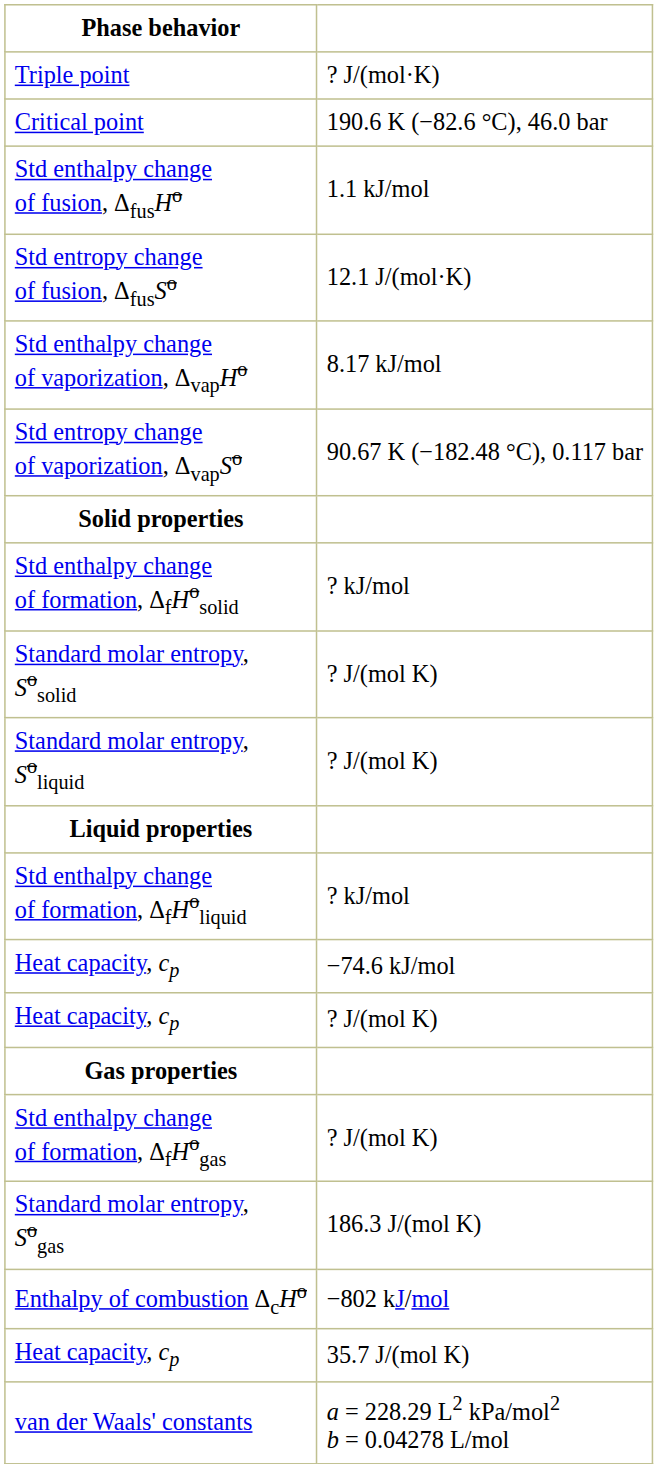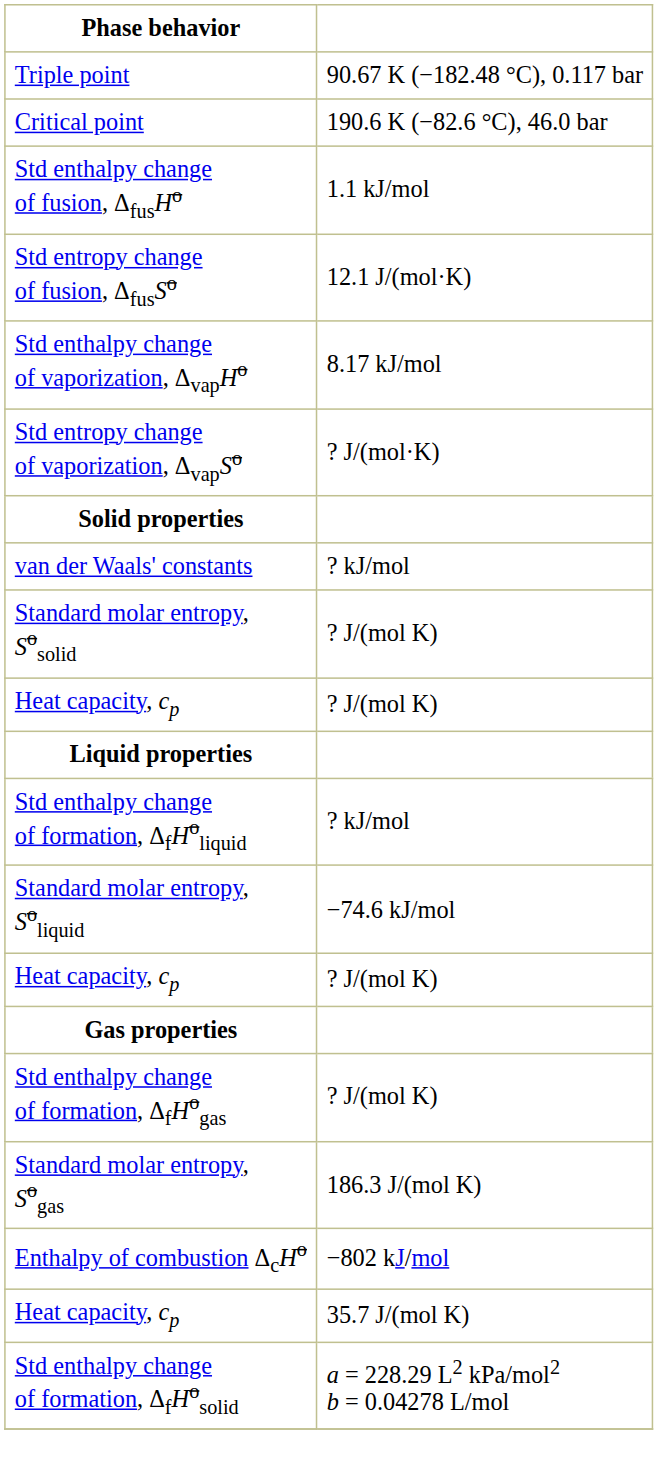 <table border="1" cellspacing="0" cellpadding="6" style="margin: 0 0 0 0.5em; background: #FFFFFF; border-collapse: collapse; border-color: #C0C090;">
 <tr>
 <th>Phase behavior</th>
 </tr>
 <tr>
 <td><a href='#'>Triple point</a></td>
-<td>? J/(mol·K)</td>
+<td>90.67 K (−182.48 °C), 0.117 bar</td>
 </tr>
 <tr>
 <td><a href='#'>Critical point</a></td>
 <td>190.6 K (−82.6 °C), 46.0 bar</td>
 </tr>
 <tr>
 <td><a href='#'>Std enthalpy change<br>of fusion</a>, Δ<sub>fus</sub><em>H</em><sup><s>o</s></sup></td>
 <td>1.1 kJ/mol</td>
 </tr>
 <tr>
 <td><a href='#'>Std entropy change<br>of fusion</a>, Δ<sub>fus</sub><em>S</em><sup><s>o</s></sup></td>
 <td>12.1 J/(mol·K)</td>
 </tr>
 <tr>
 <td><a href='#'>Std enthalpy change<br>of vaporization</a>, Δ<sub>vap</sub><em>H</em><sup><s>o</s></sup></td>
 <td>8.17 kJ/mol</td>
 </tr>
 <tr>
 <td><a href='#'>Std entropy change<br>of vaporization</a>, Δ<sub>vap</sub><em>S</em><sup><s>o</s></sup></td>
-<td>90.67 K (−182.48 °C), 0.117 bar</td>
+<td>? J/(mol·K)</td>
 </tr>
 <tr>
 <th>Solid properties</th>
 </tr>
 <tr>
-<td><a href='#'>Std enthalpy change<br>of formation</a>, Δ<sub>f</sub><em>H</em><sup><s>o</s></sup><sub>solid</sub></td>
+<td><a href='#'>van der Waals' constants</a></td>
 <td>? kJ/mol</td>
 </tr>
 <tr>
 <td><a href='#'>Standard molar entropy</a>,<br><em>S</em><sup><s>o</s></sup><sub>solid</sub></td>
 <td>? J/(mol K)</td>
 </tr>
 <tr>
-<td><a href='#'>Standard molar entropy</a>,<br><em>S</em><sup><s>o</s></sup><sub>liquid</sub></td>
+<td><a href='#'>Heat capacity</a>, <em>c<sub>p</sub></em></td>
 <td>? J/(mol K)</td>
 </tr>
 <tr>
 <th>Liquid properties</th>
 </tr>
 <tr>
 <td><a href='#'>Std enthalpy change<br>of formation</a>, Δ<sub>f</sub><em>H</em><sup><s>o</s></sup><sub>liquid</sub></td>
 <td>? kJ/mol</td>
 </tr>
 <tr>
-<td><a href='#'>Heat capacity</a>, <em>c<sub>p</sub></em></td>
+<td><a href='#'>Standard molar entropy</a>,<br><em>S</em><sup><s>o</s></sup><sub>liquid</sub></td>
 <td>−74.6 kJ/mol</td>
 </tr>
 <tr>
 <td><a href='#'>Heat capacity</a>, <em>c<sub>p</sub></em></td>
 <td>? J/(mol K)</td>
 </tr>
 <tr>
 <th>Gas properties</th>
 </tr>
 <tr>
 <td><a href='#'>Std enthalpy change<br>of formation</a>, Δ<sub>f</sub><em>H</em><sup><s>o</s></sup><sub>gas</sub></td>
 <td>? J/(mol K)</td>
 </tr>
 <tr>
 <td><a href='#'>Standard molar entropy</a>,<br><em>S</em><sup><s>o</s></sup><sub>gas</sub></td>
 <td>186.3 J/(mol K)</td>
 </tr>
 <tr>
 <td><a href='#'>Enthalpy of combustion</a> Δ<sub>c</sub><em>H</em><sup><s>o</s></sup></td>
 <td>−802 k<a href='#'>J</a>/<a href='#'>mol</a></td>
 </tr>
 <tr>
 <td><a href='#'>Heat capacity</a>, <em>c<sub>p</sub></em></td>
 <td>35.7 J/(mol K)</td>
 </tr>
 <tr>
-<td><a href='#'>van der Waals' constants</a></td>
+<td><a href='#'>Std enthalpy change<br>of formation</a>, Δ<sub>f</sub><em>H</em><sup><s>o</s></sup><sub>solid</sub></td>
 <td><em>a</em> = 228.29 L<sup>2</sup> kPa/mol<sup>2</sup><br> <em>b</em> = 0.04278 L/mol</td>
 </tr>
 <tr>
 </tr>
 </table>
